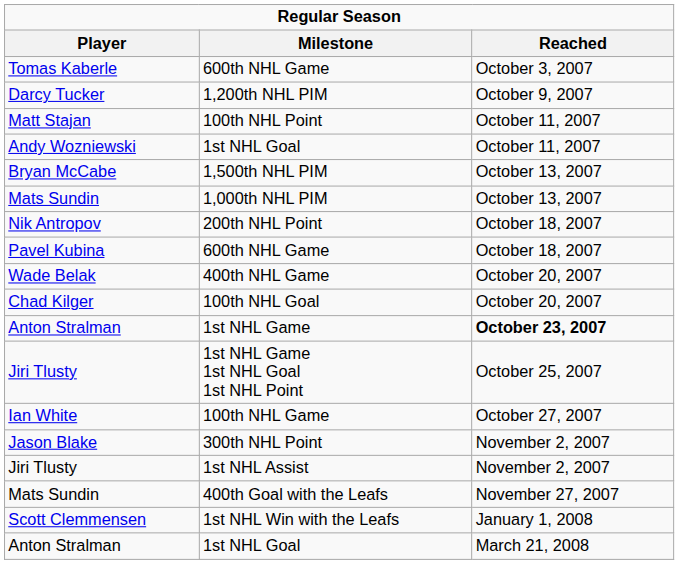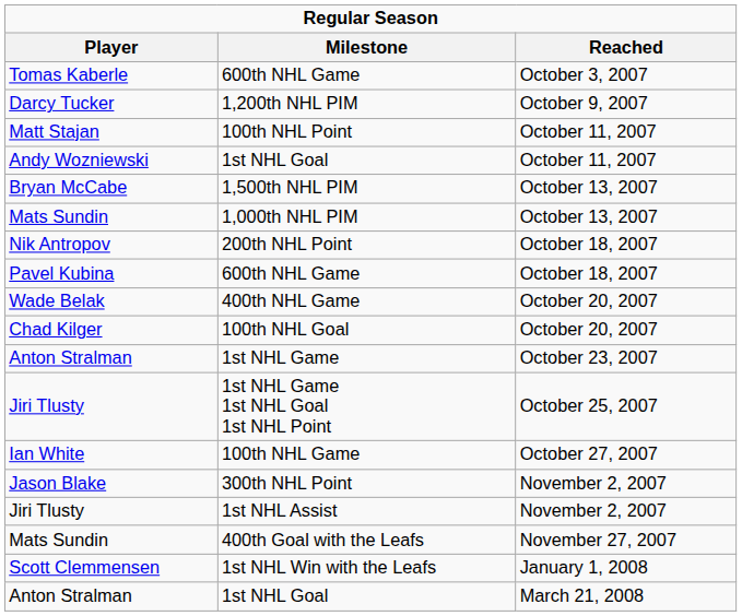 <table class="wikitable" style="width:52%;">
 <tr>
 <td colspan="10" style="text-align:center;"><strong>Regular Season</strong></td>
 </tr>
 <tr>
 <th>Player</th>
 <th>Milestone</th>
 <th>Reached</th>
 </tr>
 <tr>
 <td><a href='#'>Tomas Kaberle</a></td>
 <td>600th NHL Game</td>
 <td>October 3, 2007</td>
 </tr>
 <tr>
 <td><a href='#'>Darcy Tucker</a></td>
 <td>1,200th NHL PIM</td>
 <td>October 9, 2007</td>
 </tr>
 <tr>
 <td><a href='#'>Matt Stajan</a></td>
 <td>100th NHL Point</td>
 <td>October 11, 2007</td>
 </tr>
 <tr>
 <td><a href='#'>Andy Wozniewski</a></td>
 <td>1st NHL Goal</td>
 <td>October 11, 2007</td>
 </tr>
 <tr>
 <td><a href='#'>Bryan McCabe</a></td>
 <td>1,500th NHL PIM</td>
 <td>October 13, 2007</td>
 </tr>
 <tr>
 <td><a href='#'>Mats Sundin</a></td>
 <td>1,000th NHL PIM</td>
 <td>October 13, 2007</td>
 </tr>
 <tr>
 <td><a href='#'>Nik Antropov</a></td>
 <td>200th NHL Point</td>
 <td>October 18, 2007</td>
 </tr>
 <tr>
 <td><a href='#'>Pavel Kubina</a></td>
 <td>600th NHL Game</td>
 <td>October 18, 2007</td>
 </tr>
 <tr>
 <td><a href='#'>Wade Belak</a></td>
 <td>400th NHL Game</td>
 <td>October 20, 2007</td>
 </tr>
 <tr>
 <td><a href='#'>Chad Kilger</a></td>
 <td>100th NHL Goal</td>
 <td>October 20, 2007</td>
 </tr>
 <tr>
 <td><a href='#'>Anton Stralman</a></td>
 <td>1st NHL Game</td>
-<td><strong>October 23, 2007</strong></td>
+<td>October 23, 2007</td>
 </tr>
 <tr>
 <td><a href='#'>Jiri Tlusty</a></td>
 <td>1st NHL Game<br>1st NHL Goal<br>1st NHL Point</td>
 <td>October 25, 2007</td>
 </tr>
 <tr>
 <td><a href='#'>Ian White</a></td>
 <td>100th NHL Game</td>
 <td>October 27, 2007</td>
 </tr>
 <tr>
 <td><a href='#'>Jason Blake</a></td>
 <td>300th NHL Point</td>
 <td>November 2, 2007</td>
 </tr>
 <tr>
 <td>Jiri Tlusty</td>
 <td>1st NHL Assist</td>
 <td>November 2, 2007</td>
 </tr>
 <tr>
 <td>Mats Sundin</td>
 <td>400th Goal with the Leafs</td>
 <td>November 27, 2007</td>
 </tr>
 <tr>
 <td><a href='#'>Scott Clemmensen</a></td>
 <td>1st NHL Win with the Leafs</td>
 <td>January 1, 2008</td>
 </tr>
 <tr>
 <td>Anton Stralman</td>
 <td>1st NHL Goal</td>
 <td>March 21, 2008</td>
 </tr>
 </table>
